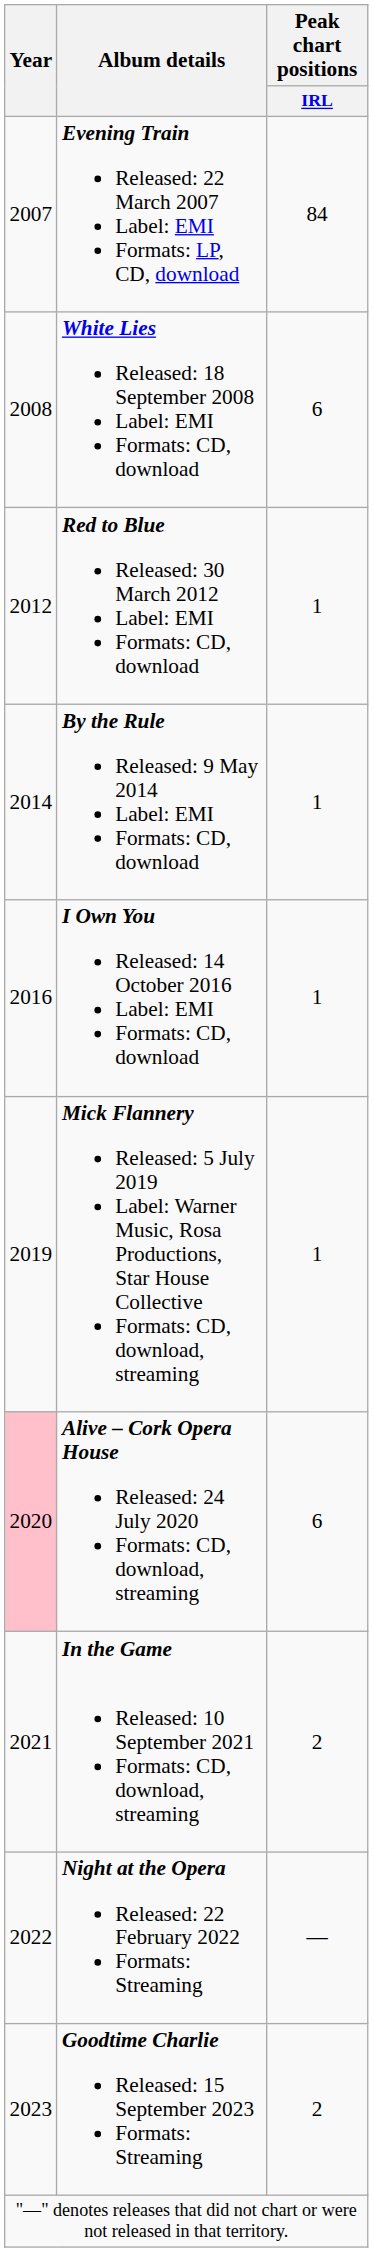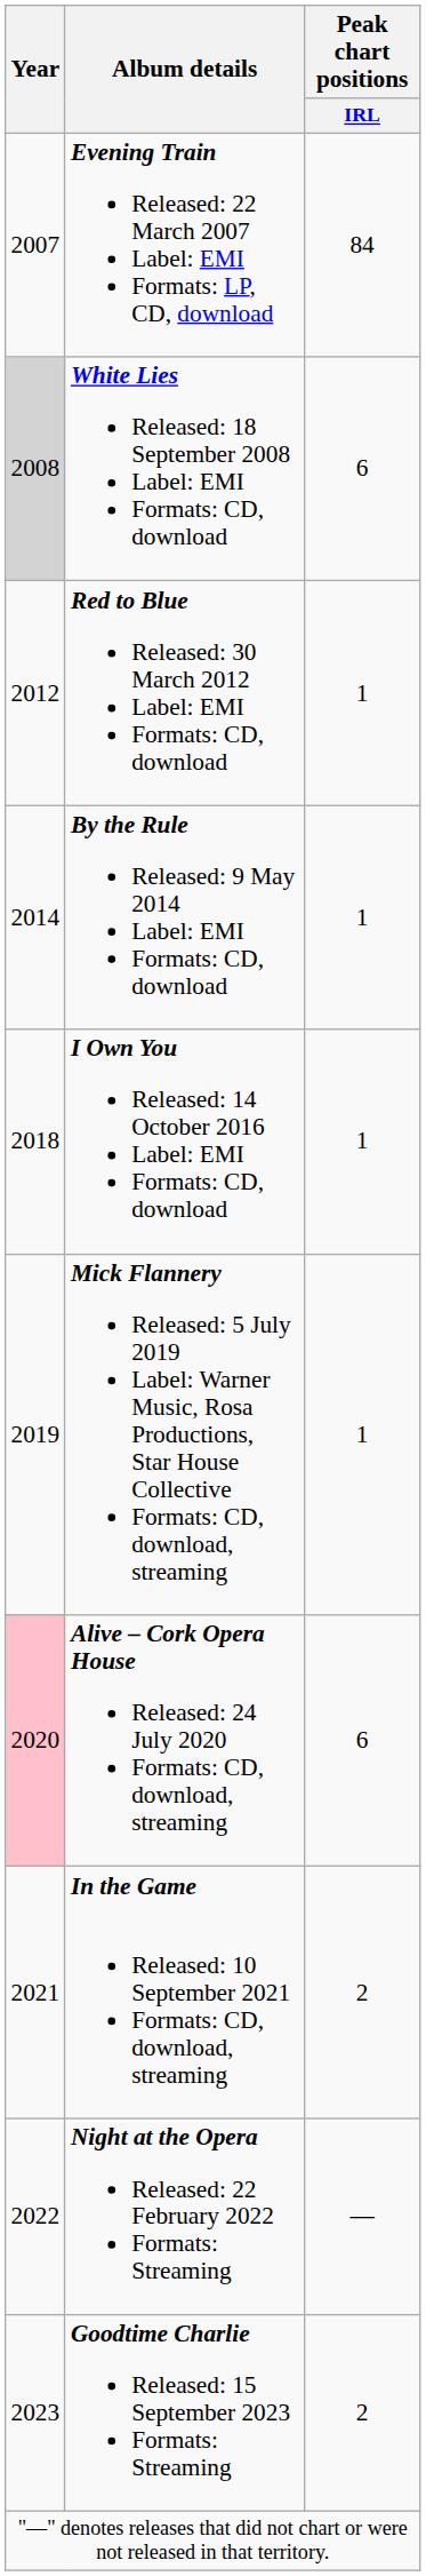 <table class="wikitable" style="text-align: center; ">
 <tr>
 <th rowspan="2" style="width:10px;">Year</th>
 <th rowspan="2" style="width:150px;">Album details</th>
 <th colspan="2">Peak chart positions</th>
 </tr>
 <tr style="font-size: smaller">
 <th style="width:70px;"><a href='#'>IRL</a><br></th>
 </tr>
 <tr>
 <td>2007</td>
 <td style="text-align:left;"><strong><em>Evening Train</em></strong><br><ul><li>Released: 22 March 2007</li><li>Label: <a href='#'>EMI</a></li><li>Formats: <a href='#'>LP</a>, CD, <a href='#'>download</a></li></ul></td>
 <td>84</td>
 </tr>
 <tr>
-<td>2008</td>
+<td style="background: lightgrey;">2008</td>
 <td style="text-align:left;"><strong><em><a href='#'>White Lies</a></em></strong><br><ul><li>Released: 18 September 2008</li><li>Label: EMI</li><li>Formats: CD, download</li></ul></td>
 <td>6</td>
 </tr>
 <tr>
 <td>2012</td>
 <td style="text-align:left;"><strong><em>Red to Blue</em></strong><br><ul><li>Released: 30 March 2012</li><li>Label: EMI</li><li>Formats: CD, download</li></ul></td>
 <td>1</td>
 </tr>
 <tr>
 <td>2014</td>
 <td style="text-align:left;"><strong><em>By the Rule</em></strong><br><ul><li>Released: 9 May 2014</li><li>Label: EMI</li><li>Formats: CD, download</li></ul></td>
 <td>1</td>
 </tr>
 <tr>
-<td>2016</td>
+<td>2018</td>
 <td style="text-align:left;"><strong><em>I Own You</em></strong><br><ul><li>Released: 14 October 2016</li><li>Label: EMI</li><li>Formats: CD, download</li></ul></td>
 <td>1</td>
 </tr>
 <tr>
 <td>2019</td>
 <td style="text-align:left;"><strong><em>Mick Flannery</em></strong><br><ul><li>Released: 5 July 2019</li><li>Label: Warner Music, Rosa Productions, Star House Collective</li><li>Formats: CD, download, streaming</li></ul></td>
 <td>1</td>
 </tr>
 <tr>
 <td style="background: pink;">2020</td>
 <td style="text-align:left;"><strong><em>Alive – Cork Opera House</em></strong><br><ul><li>Released: 24 July 2020</li><li>Formats: CD, download, streaming</li></ul></td>
 <td>6</td>
 </tr>
 <tr>
 <td>2021</td>
 <td style="text-align:left;"><strong><em>In the Game</em></strong><br><br><ul><li>Released: 10 September 2021</li><li>Formats: CD, download, streaming</li></ul></td>
 <td>2<br></td>
 </tr>
 <tr>
 <td>2022</td>
 <td style="text-align:left;"><strong><em>Night at the Opera</em></strong><br><ul><li>Released: 22 February 2022</li><li>Formats: Streaming</li></ul></td>
 <td>—</td>
 </tr>
 <tr>
 <td>2023</td>
 <td style="text-align:left;"><strong><em>Goodtime Charlie</em></strong><br><ul><li>Released: 15 September 2023</li><li>Formats: Streaming</li></ul></td>
 <td>2<br></td>
 </tr>
 <tr>
 <td colspan="5" style="text-align:center; font-size:85%">"—" denotes releases that did not chart or were not released in that territory.</td>
 </tr>
 </table>
